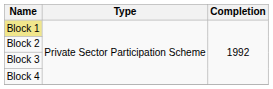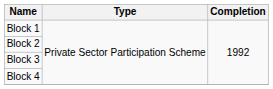 <table class="wikitable" style="text-align: center">
 <tr>
 <th>Name</th>
 <th>Type</th>
 <th>Completion</th>
 </tr>
 <tr>
-<td style="background: khaki;">Block 1</td>
+<td>Block 1</td>
 <td rowspan="4">Private Sector Participation Scheme</td>
 <td rowspan="4">1992</td>
 </tr>
 <tr>
 <td>Block 2</td>
 </tr>
 <tr>
 <td>Block 3</td>
 </tr>
 <tr>
 <td>Block 4</td>
 </tr>
 <tr>
 </tr>
 </table>
